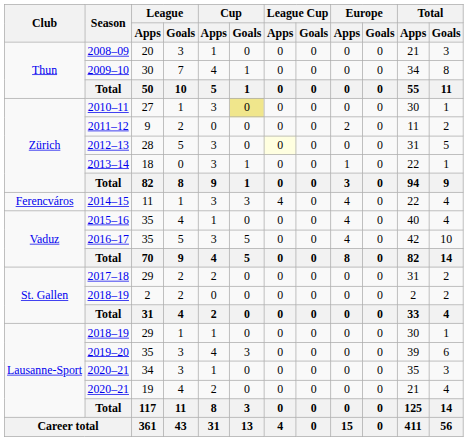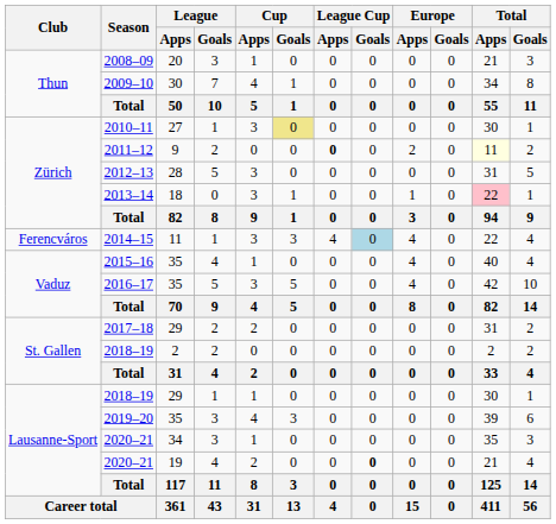 <table class="wikitable" style="text-align: center">
 <tr>
 <th rowspan="2">Club</th>
 <th rowspan="2">Season</th>
 <th colspan="2">League</th>
 <th colspan="2">Cup</th>
 <th colspan="2">League Cup</th>
 <th colspan="2">Europe</th>
 <th colspan="2">Total</th>
 </tr>
 <tr>
 <th>Apps</th>
 <th>Goals</th>
 <th>Apps</th>
 <th>Goals</th>
 <th>Apps</th>
 <th>Goals</th>
 <th>Apps</th>
 <th>Goals</th>
 <th>Apps</th>
 <th>Goals</th>
 </tr>
 <tr>
 <td rowspan="3"><a href='#'>Thun</a></td>
 <td><a href='#'>2008–09</a></td>
 <td>20</td>
 <td>3</td>
 <td>1</td>
 <td>0</td>
 <td>0</td>
 <td>0</td>
 <td>0</td>
 <td>0</td>
 <td>21</td>
 <td>3</td>
 </tr>
 <tr>
 <td><a href='#'>2009–10</a></td>
 <td>30</td>
 <td>7</td>
 <td>4</td>
 <td>1</td>
 <td>0</td>
 <td>0</td>
 <td>0</td>
 <td>0</td>
 <td>34</td>
 <td>8</td>
 </tr>
 <tr>
 <th>Total</th>
 <th>50</th>
 <th>10</th>
 <th>5</th>
 <th>1</th>
 <th>0</th>
 <th>0</th>
 <th>0</th>
 <th>0</th>
 <th>55</th>
 <th>11</th>
 </tr>
 <tr>
 <td rowspan="5"><a href='#'>Zürich</a></td>
 <td><a href='#'>2010–11</a></td>
 <td>27</td>
 <td>1</td>
 <td>3</td>
 <td style="background: khaki;">0</td>
 <td>0</td>
 <td>0</td>
 <td>0</td>
 <td>0</td>
 <td>30</td>
 <td>1</td>
 </tr>
 <tr>
 <td><a href='#'>2011–12</a></td>
 <td>9</td>
 <td>2</td>
 <td>0</td>
 <td>0</td>
-<td>0</td>
+<td><strong>0</strong></td>
 <td>0</td>
 <td>2</td>
 <td>0</td>
-<td>11</td>
+<td style="background: lightyellow;">11</td>
 <td>2</td>
 </tr>
 <tr>
 <td><a href='#'>2012–13</a></td>
 <td>28</td>
 <td>5</td>
 <td>3</td>
 <td>0</td>
-<td style="background: lightyellow;">0</td>
+<td>0</td>
 <td>0</td>
 <td>0</td>
 <td>0</td>
 <td>31</td>
 <td>5</td>
 </tr>
 <tr>
 <td><a href='#'>2013–14</a></td>
 <td>18</td>
 <td>0</td>
 <td>3</td>
 <td>1</td>
 <td>0</td>
 <td>0</td>
 <td>1</td>
 <td>0</td>
-<td>22</td>
+<td style="background: pink;">22</td>
 <td>1</td>
 </tr>
 <tr>
 <th>Total</th>
 <th>82</th>
 <th>8</th>
 <th>9</th>
 <th>1</th>
 <th>0</th>
 <th>0</th>
 <th>3</th>
 <th>0</th>
 <th>94</th>
 <th>9</th>
 </tr>
 <tr>
 <td><a href='#'>Ferencváros</a></td>
 <td><a href='#'>2014–15</a></td>
 <td>11</td>
 <td>1</td>
 <td>3</td>
 <td>3</td>
 <td>4</td>
-<td>0</td>
+<td style="background: lightblue;">0</td>
 <td>4</td>
 <td>0</td>
 <td>22</td>
 <td>4</td>
 </tr>
 <tr>
 <td rowspan="3"><a href='#'>Vaduz</a></td>
 <td><a href='#'>2015–16</a></td>
 <td>35</td>
 <td>4</td>
 <td>1</td>
 <td>0</td>
 <td>0</td>
 <td>0</td>
 <td>4</td>
 <td>0</td>
 <td>40</td>
 <td>4</td>
 </tr>
 <tr>
 <td><a href='#'>2016–17</a></td>
 <td>35</td>
 <td>5</td>
 <td>3</td>
 <td>5</td>
 <td>0</td>
 <td>0</td>
 <td>4</td>
 <td>0</td>
 <td>42</td>
 <td>10</td>
 </tr>
 <tr>
 <th>Total</th>
 <th>70</th>
 <th>9</th>
 <th>4</th>
 <th>5</th>
 <th>0</th>
 <th>0</th>
 <th>8</th>
 <th>0</th>
 <th>82</th>
 <th>14</th>
 </tr>
 <tr>
 <td rowspan="3"><a href='#'>St. Gallen</a></td>
 <td><a href='#'>2017–18</a></td>
 <td>29</td>
 <td>2</td>
 <td>2</td>
 <td>0</td>
 <td>0</td>
 <td>0</td>
 <td>0</td>
 <td>0</td>
 <td>31</td>
 <td>2</td>
 </tr>
 <tr>
 <td><a href='#'>2018–19</a></td>
 <td>2</td>
 <td>2</td>
 <td>0</td>
 <td>0</td>
 <td>0</td>
 <td>0</td>
 <td>0</td>
 <td>0</td>
 <td>2</td>
 <td>2</td>
 </tr>
 <tr>
 <th>Total</th>
 <th>31</th>
 <th>4</th>
 <th>2</th>
 <th>0</th>
 <th>0</th>
 <th>0</th>
 <th>0</th>
 <th>0</th>
 <th>33</th>
 <th>4</th>
 </tr>
 <tr>
 <td rowspan="5"><a href='#'>Lausanne-Sport</a></td>
 <td><a href='#'>2018–19</a></td>
 <td>29</td>
 <td>1</td>
 <td>1</td>
 <td>0</td>
 <td>0</td>
 <td>0</td>
 <td>0</td>
 <td>0</td>
 <td>30</td>
 <td>1</td>
 </tr>
 <tr>
 <td><a href='#'>2019–20</a></td>
 <td>35</td>
 <td>3</td>
 <td>4</td>
 <td>3</td>
 <td>0</td>
 <td>0</td>
 <td>0</td>
 <td>0</td>
 <td>39</td>
 <td>6</td>
 </tr>
 <tr>
 <td><a href='#'>2020–21</a></td>
 <td>34</td>
 <td>3</td>
 <td>1</td>
 <td>0</td>
 <td>0</td>
 <td>0</td>
 <td>0</td>
 <td>0</td>
 <td>35</td>
 <td>3</td>
 </tr>
 <tr>
 <td><a href='#'>2020–21</a></td>
 <td>19</td>
 <td>4</td>
 <td>2</td>
 <td>0</td>
 <td>0</td>
-<td>0</td>
+<td><strong>0</strong></td>
 <td>0</td>
 <td>0</td>
 <td>21</td>
 <td>4</td>
 </tr>
 <tr>
 <th>Total</th>
 <th>117</th>
 <th>11</th>
 <th>8</th>
 <th>3</th>
 <th>0</th>
 <th>0</th>
 <th>0</th>
 <th>0</th>
 <th>125</th>
 <th>14</th>
 </tr>
 <tr>
 <th colspan="2">Career total</th>
 <th>361</th>
 <th>43</th>
 <th>31</th>
 <th>13</th>
 <th>4</th>
 <th>0</th>
 <th>15</th>
 <th>0</th>
 <th>411</th>
 <th>56</th>
 </tr>
 </table>
